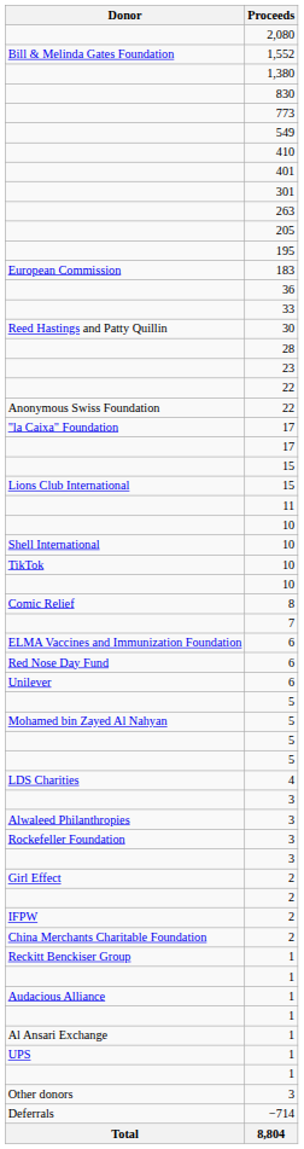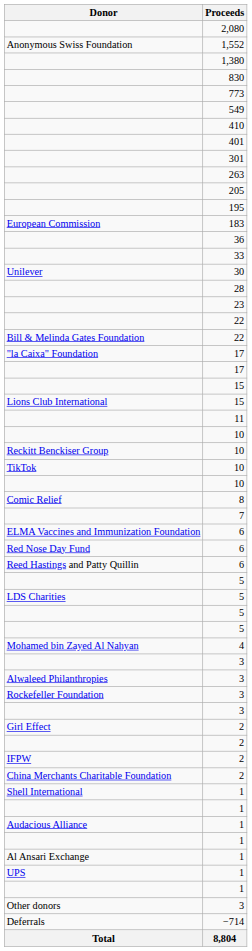 <table class="wikitable sortable"  style="text-align:right;">
 <tr>
 <th>Donor</th>
 <th>Proceeds</th>
 </tr>
 <tr>
 <td style="text-align:left;"></td>
 <td>2,080</td>
 </tr>
 <tr>
-<td style="text-align:left;"><a href='#'>Bill & Melinda Gates Foundation</a></td>
+<td style="text-align:left;">Anonymous Swiss Foundation</td>
 <td>1,552</td>
 </tr>
 <tr>
 <td style="text-align:left;"></td>
 <td>1,380</td>
 </tr>
 <tr>
 <td style="text-align:left;"></td>
 <td>830</td>
 </tr>
 <tr>
 <td style="text-align:left;"></td>
 <td>773</td>
 </tr>
 <tr>
 <td style="text-align:left;"></td>
 <td>549</td>
 </tr>
 <tr>
 <td style="text-align:left;"></td>
 <td>410</td>
 </tr>
 <tr>
 <td style="text-align:left;"></td>
 <td>401</td>
 </tr>
 <tr>
 <td style="text-align:left;"></td>
 <td>301</td>
 </tr>
 <tr>
 <td style="text-align:left;"></td>
 <td>263</td>
 </tr>
 <tr>
 <td style="text-align:left;"></td>
 <td>205</td>
 </tr>
 <tr>
 <td style="text-align:left;"></td>
 <td>195</td>
 </tr>
 <tr>
 <td style="text-align:left;"><a href='#'>European Commission</a></td>
 <td>183</td>
 </tr>
 <tr>
 <td style="text-align:left;"></td>
 <td>36</td>
 </tr>
 <tr>
 <td style="text-align:left;"></td>
 <td>33</td>
 </tr>
 <tr>
-<td style="text-align:left;"><a href='#'>Reed Hastings</a> and Patty Quillin</td>
+<td style="text-align:left;"><a href='#'>Unilever</a></td>
 <td>30</td>
 </tr>
 <tr>
 <td style="text-align:left;"></td>
 <td>28</td>
 </tr>
 <tr>
 <td style="text-align:left;"></td>
 <td>23</td>
 </tr>
 <tr>
 <td style="text-align:left;"></td>
 <td>22</td>
 </tr>
 <tr>
-<td style="text-align:left;">Anonymous Swiss Foundation</td>
+<td style="text-align:left;"><a href='#'>Bill & Melinda Gates Foundation</a></td>
 <td>22</td>
 </tr>
 <tr>
 <td style="text-align:left;"><a href='#'>"la Caixa" Foundation</a></td>
 <td>17</td>
 </tr>
 <tr>
 <td style="text-align:left;"></td>
 <td>17</td>
 </tr>
 <tr>
 <td style="text-align:left;"></td>
 <td>15</td>
 </tr>
 <tr>
 <td style="text-align:left;"><a href='#'>Lions Club International</a></td>
 <td>15</td>
 </tr>
 <tr>
 <td style="text-align:left;"></td>
 <td>11</td>
 </tr>
 <tr>
 <td style="text-align:left;"></td>
 <td>10</td>
 </tr>
 <tr>
-<td style="text-align:left;"><a href='#'>Shell International</a></td>
+<td style="text-align:left;"><a href='#'>Reckitt Benckiser Group</a></td>
 <td>10</td>
 </tr>
 <tr>
 <td style="text-align:left;"><a href='#'>TikTok</a></td>
 <td>10</td>
 </tr>
 <tr>
 <td style="text-align:left;"></td>
 <td>10</td>
 </tr>
 <tr>
 <td style="text-align:left;"><a href='#'>Comic Relief</a></td>
 <td>8</td>
 </tr>
 <tr>
 <td style="text-align:left;"></td>
 <td>7</td>
 </tr>
 <tr>
 <td style="text-align:left;"><a href='#'>ELMA Vaccines and Immunization Foundation</a></td>
 <td>6</td>
 </tr>
 <tr>
 <td style="text-align:left;"><a href='#'>Red Nose Day Fund</a></td>
 <td>6</td>
 </tr>
 <tr>
-<td style="text-align:left;"><a href='#'>Unilever</a></td>
+<td style="text-align:left;"><a href='#'>Reed Hastings</a> and Patty Quillin</td>
 <td>6</td>
 </tr>
 <tr>
 <td style="text-align:left;"></td>
 <td>5</td>
 </tr>
 <tr>
-<td style="text-align:left;"><a href='#'>Mohamed bin Zayed Al Nahyan</a></td>
+<td style="text-align:left;"><a href='#'>LDS Charities</a></td>
 <td>5</td>
 </tr>
 <tr>
 <td style="text-align:left;"></td>
 <td>5</td>
 </tr>
 <tr>
 <td style="text-align:left;"></td>
 <td>5</td>
 </tr>
 <tr>
-<td style="text-align:left;"><a href='#'>LDS Charities</a></td>
+<td style="text-align:left;"><a href='#'>Mohamed bin Zayed Al Nahyan</a></td>
 <td>4</td>
 </tr>
 <tr>
 <td style="text-align:left;"></td>
 <td>3</td>
 </tr>
 <tr>
 <td style="text-align:left;"><a href='#'>Alwaleed Philanthropies</a></td>
 <td>3</td>
 </tr>
 <tr>
 <td style="text-align:left;"><a href='#'>Rockefeller Foundation</a></td>
 <td>3</td>
 </tr>
 <tr>
 <td style="text-align:left;"></td>
 <td>3</td>
 </tr>
 <tr>
 <td style="text-align:left;"><a href='#'>Girl Effect</a></td>
 <td>2</td>
 </tr>
 <tr>
 <td style="text-align:left;"></td>
 <td>2</td>
 </tr>
 <tr>
 <td style="text-align:left;"><a href='#'>IFPW</a></td>
 <td>2</td>
 </tr>
 <tr>
 <td style="text-align:left;"><a href='#'>China Merchants Charitable Foundation</a></td>
 <td>2</td>
 </tr>
 <tr>
-<td style="text-align:left;"><a href='#'>Reckitt Benckiser Group</a></td>
+<td style="text-align:left;"><a href='#'>Shell International</a></td>
 <td>1</td>
 </tr>
 <tr>
 <td style="text-align:left;"></td>
 <td>1</td>
 </tr>
 <tr>
 <td style="text-align:left;"><a href='#'>Audacious Alliance</a></td>
 <td>1</td>
 </tr>
 <tr>
 <td style="text-align:left;"></td>
 <td>1</td>
 </tr>
 <tr>
 <td style="text-align:left;">Al Ansari Exchange</td>
 <td>1</td>
 </tr>
 <tr>
 <td style="text-align:left;"><a href='#'>UPS</a></td>
 <td>1</td>
 </tr>
 <tr>
 <td style="text-align:left;"></td>
 <td>1</td>
 </tr>
 <tr>
 <td style="text-align:left;">Other donors</td>
 <td>3</td>
 </tr>
 <tr>
 <td style="text-align:left;">Deferrals</td>
 <td>−714</td>
 </tr>
 <tr>
 <th>Total</th>
 <th>8,804</th>
 </tr>
 </table>
